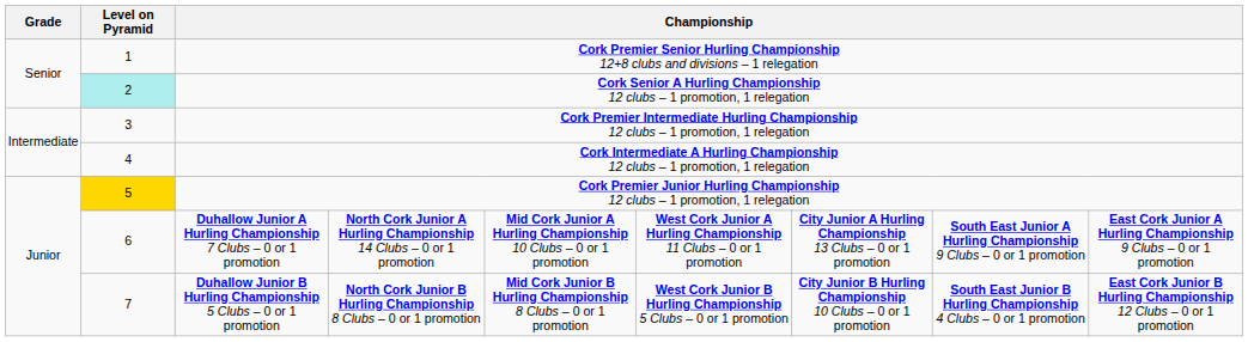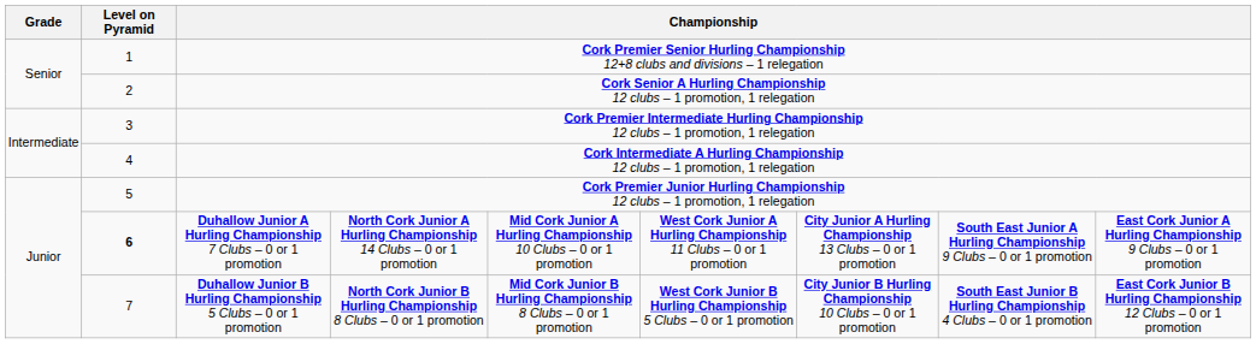 <table class="wikitable" style="text-align: center;">
 <tr>
 <th>Grade</th>
 <th width="7.6%">Level on Pyramid</th>
 <th colspan="7">Championship</th>
 </tr>
 <tr>
 <td rowspan="2">Senior</td>
 <td>1</td>
 <td colspan="7"><strong><a href='#'>Cork Premier Senior Hurling Championship</a></strong><br><em>12+8 clubs and divisions</em> – 1 relegation</td>
 </tr>
 <tr>
-<td style="background: paleturquoise;">2</td>
+<td>2</td>
 <td colspan="7"><strong><a href='#'>Cork Senior A Hurling Championship</a></strong><br><em>12 clubs</em> – 1 promotion, 1 relegation</td>
 </tr>
 <tr>
 <td rowspan="2">Intermediate</td>
 <td>3</td>
 <td colspan="7"><strong><a href='#'>Cork Premier Intermediate Hurling Championship</a></strong><br><em>12 clubs</em> – 1 promotion, 1 relegation</td>
 </tr>
 <tr>
 <td>4</td>
 <td colspan="7"><strong><a href='#'>Cork Intermediate A Hurling Championship</a></strong><br><em>12 clubs</em> – 1 promotion, 1 relegation</td>
 </tr>
 <tr>
 <td rowspan="3">Junior</td>
-<td style="background: gold;">5</td>
+<td>5</td>
 <td colspan="7"><strong><a href='#'>Cork Premier Junior Hurling Championship</a></strong><br><em>12 clubs</em> – 1 promotion, 1 relegation</td>
 </tr>
 <tr>
-<td>6</td>
+<td><strong>6</strong></td>
 <td><strong><a href='#'>Duhallow Junior A Hurling Championship</a></strong><br><em>7 Clubs</em> – 0 or 1 promotion</td>
 <td><strong><a href='#'>North Cork Junior A Hurling Championship</a></strong><br><em>14 Clubs</em> – 0 or 1 promotion</td>
 <td><strong><a href='#'>Mid Cork Junior A Hurling Championship</a></strong><br><em>10 Clubs</em> – 0 or 1 promotion</td>
 <td><strong><a href='#'>West Cork Junior A Hurling Championship</a></strong><br><em>11 Clubs</em> – 0 or 1 promotion</td>
 <td><strong><a href='#'>City Junior A Hurling Championship</a></strong><br><em>13 Clubs</em> – 0 or 1 promotion</td>
 <td><strong><a href='#'>South East Junior A Hurling Championship</a></strong><br><em>9 Clubs</em> – 0 or 1 promotion</td>
 <td><strong><a href='#'>East Cork Junior A Hurling Championship</a></strong><br><em>9 Clubs</em> – 0 or 1 promotion</td>
 </tr>
 <tr>
 <td>7</td>
 <td><strong><a href='#'>Duhallow Junior B Hurling Championship</a></strong><br><em>5 Clubs</em> – 0 or 1 promotion</td>
 <td><strong><a href='#'>North Cork Junior B Hurling Championship</a></strong><br><em>8 Clubs</em> – 0 or 1 promotion</td>
 <td><strong><a href='#'>Mid Cork Junior B Hurling Championship</a></strong><br><em>8 Clubs</em> – 0 or 1 promotion</td>
 <td><strong><a href='#'>West Cork Junior B Hurling Championship</a></strong><br><em>5 Clubs</em> – 0 or 1 promotion</td>
 <td><strong><a href='#'>City Junior B Hurling Championship</a></strong><br><em>10 Clubs</em> – 0 or 1 promotion</td>
 <td><strong><a href='#'>South East Junior B Hurling Championship</a></strong><br><em>4 Clubs</em> – 0 or 1 promotion</td>
 <td><strong><a href='#'>East Cork Junior B Hurling Championship</a></strong><br><em>12 Clubs</em> – 0 or 1 promotion</td>
 </tr>
 </table>
